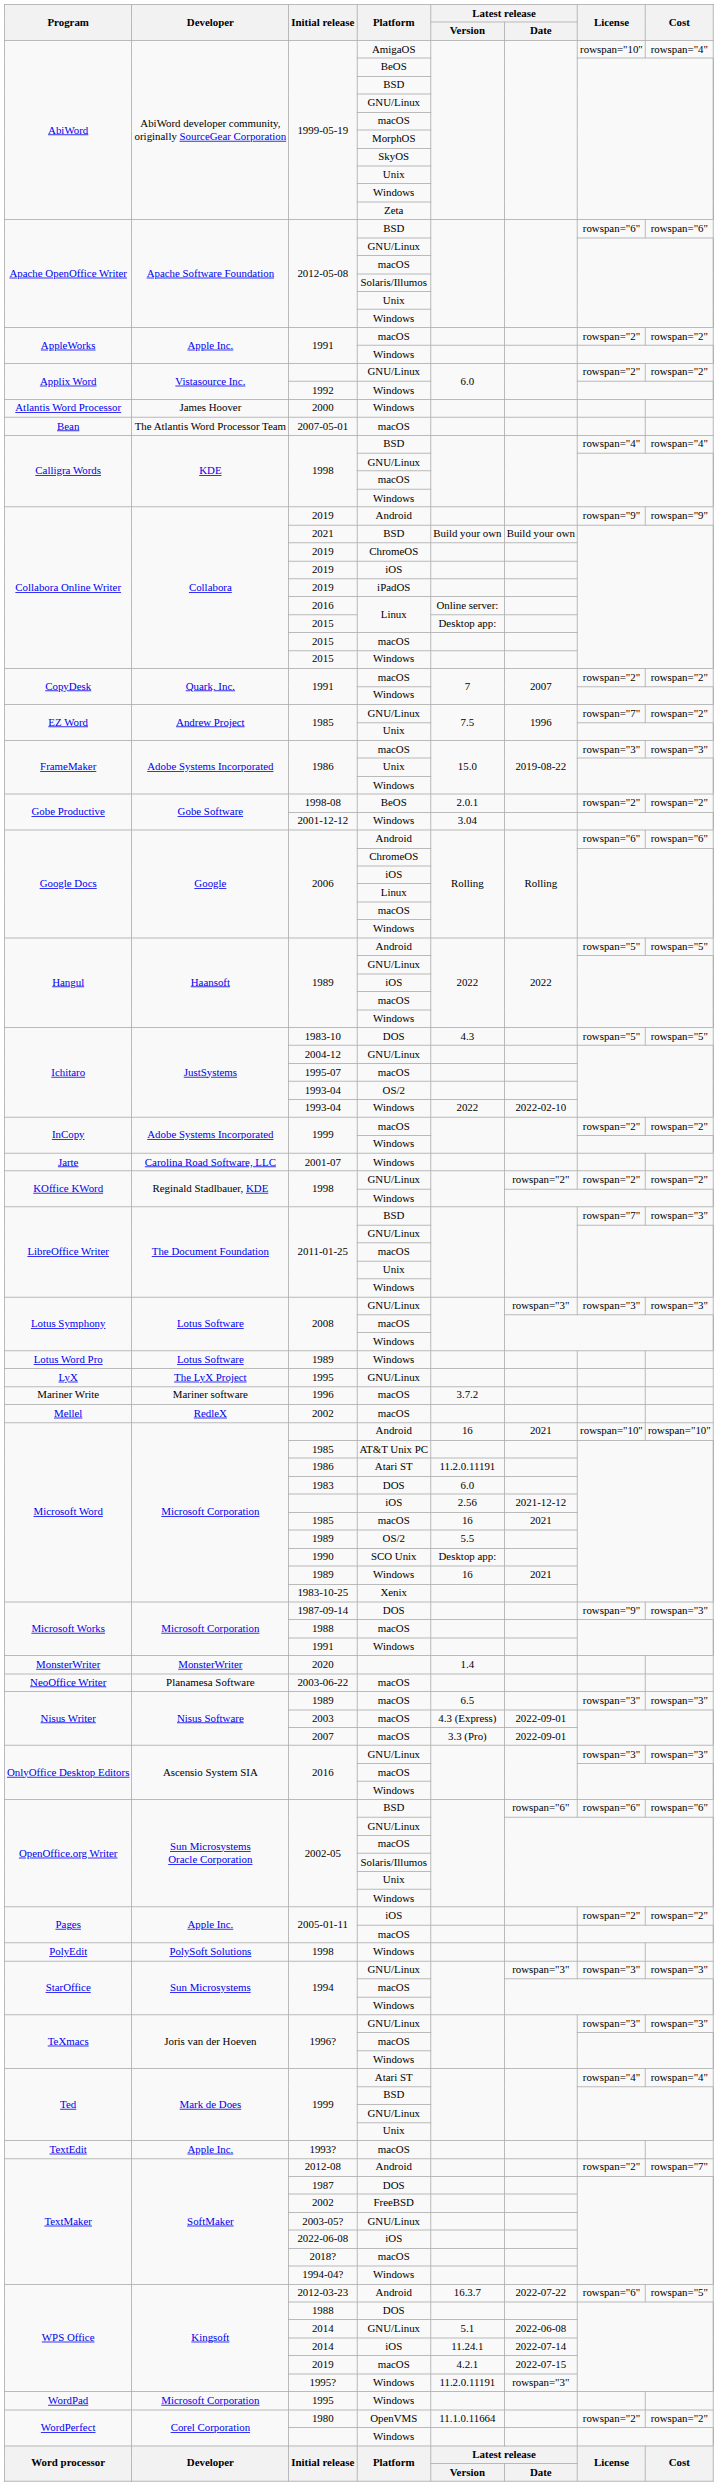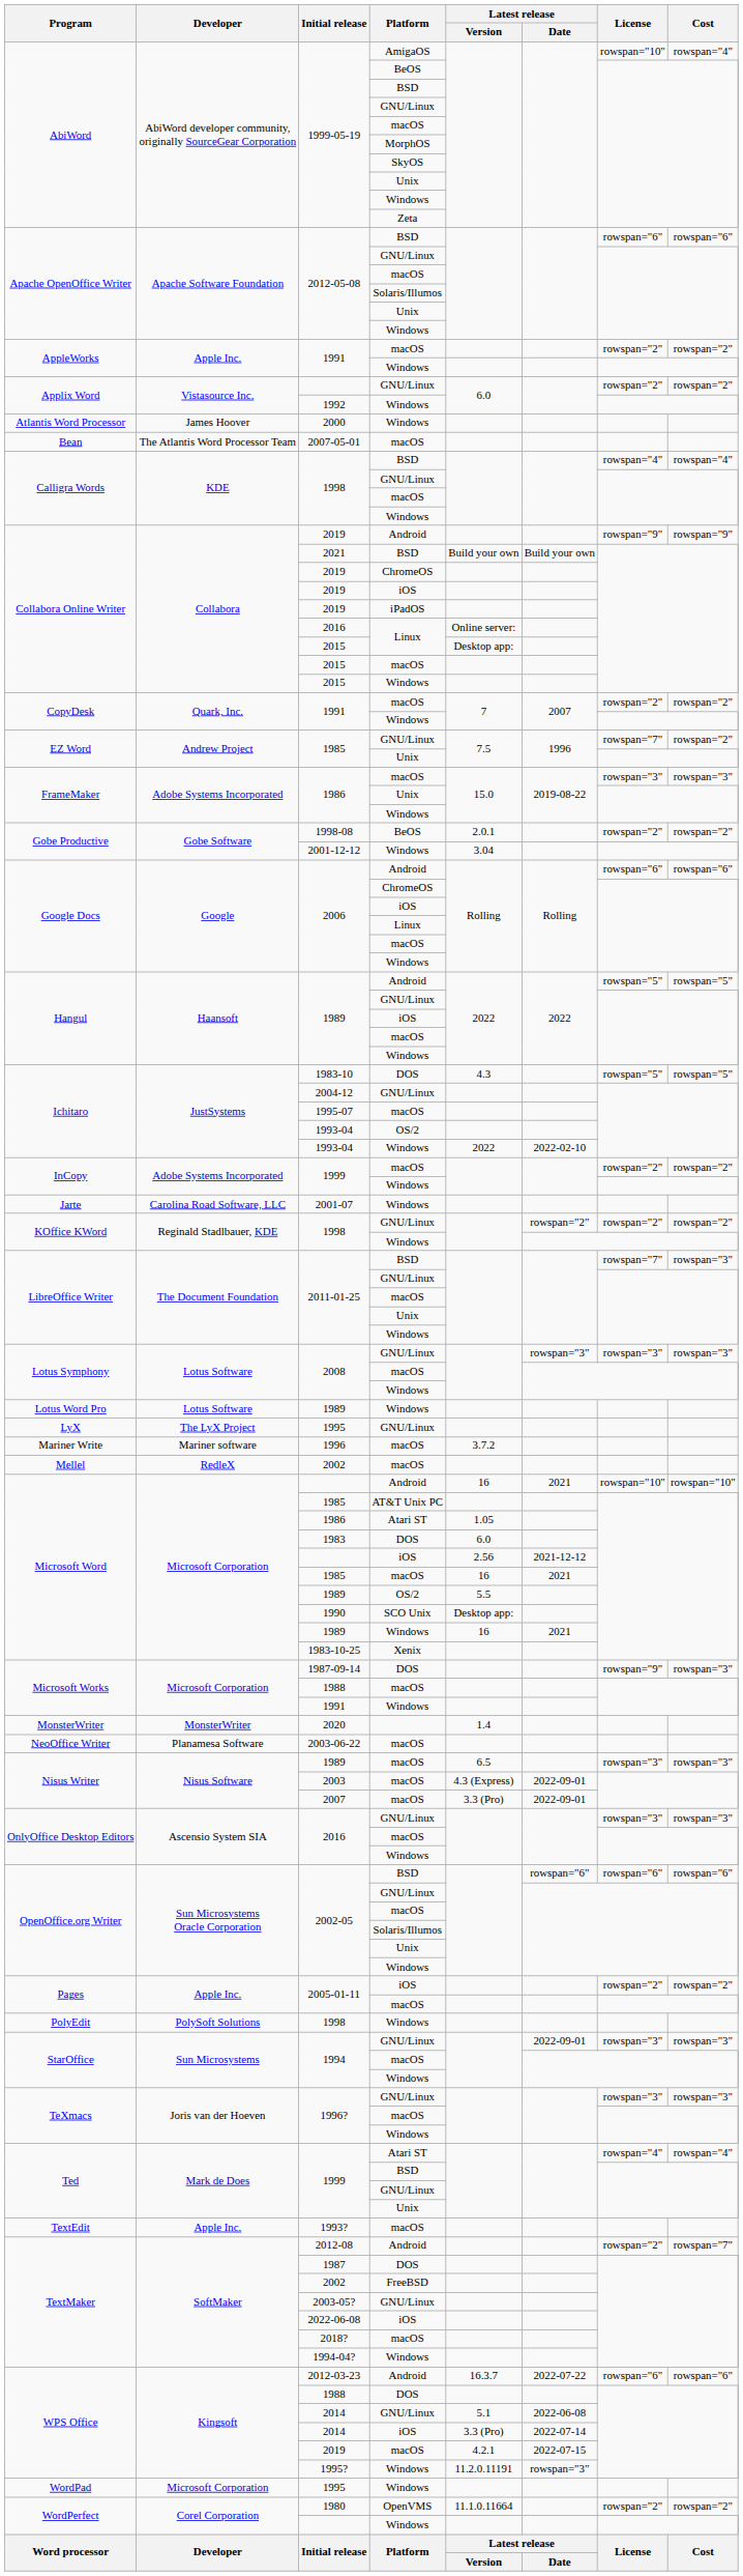 <table class="sortable wikitable" style="font-size: 85%; border: gray solid 1px; border-collapse: collapse; text-align: center; width: auto;">
 <tr>
 <th rowspan="2">Program</th>
 <th rowspan="2">Developer</th>
 <th rowspan="2">Initial release</th>
 <th rowspan="2">Platform</th>
 <th colspan="2">Latest release</th>
 <th rowspan="2">License</th>
 <th rowspan="2">Cost</th>
 </tr>
 <tr>
 <th>Version </th>
 <th>Date </th>
 </tr>
 <tr>
 <td rowspan="10"><a href='#'>AbiWord</a></td>
 <td rowspan="10">AbiWord developer community,<br>originally <a href='#'>SourceGear Corporation</a></td>
 <td rowspan="10">1999-05-19</td>
 <td>AmigaOS</td>
 <td rowspan="10"></td>
 <td rowspan="10"></td>
 <td>rowspan="10" </td>
 <td>rowspan="4" </td>
 </tr>
 <tr>
 <td>BeOS</td>
 </tr>
 <tr>
 <td>BSD</td>
 </tr>
 <tr>
 <td>GNU/Linux</td>
 </tr>
 <tr>
 <td>macOS</td>
 </tr>
 <tr>
 <td>MorphOS</td>
 </tr>
 <tr>
 <td>SkyOS</td>
 </tr>
 <tr>
 <td>Unix</td>
 </tr>
 <tr>
 <td>Windows</td>
 </tr>
 <tr>
 <td>Zeta</td>
 </tr>
 <tr>
 <td rowspan="6"><a href='#'>Apache OpenOffice Writer</a></td>
 <td rowspan="6"><a href='#'>Apache Software Foundation</a></td>
 <td rowspan="6">2012-05-08</td>
 <td>BSD</td>
 <td rowspan="6"></td>
 <td rowspan="6"></td>
 <td>rowspan="6" </td>
 <td>rowspan="6" </td>
 </tr>
 <tr>
 <td>GNU/Linux</td>
 </tr>
 <tr>
 <td>macOS</td>
 </tr>
 <tr>
 <td>Solaris/Illumos</td>
 </tr>
 <tr>
 <td>Unix</td>
 </tr>
 <tr>
 <td>Windows</td>
 </tr>
 <tr>
 <td rowspan="2"><a href='#'>AppleWorks</a></td>
 <td rowspan="2"><a href='#'>Apple Inc.</a></td>
 <td rowspan="2">1991</td>
 <td>macOS</td>
 <td></td>
 <td></td>
 <td>rowspan="2" </td>
 <td>rowspan="2" </td>
 </tr>
 <tr>
 <td>Windows</td>
 <td></td>
 <td></td>
 </tr>
 <tr>
 <td rowspan="2"><a href='#'>Applix Word</a></td>
 <td rowspan="2"><a href='#'>Vistasource Inc.</a></td>
 <td></td>
 <td>GNU/Linux</td>
 <td rowspan="2">6.0</td>
 <td rowspan="2"></td>
 <td>rowspan="2" </td>
 <td>rowspan="2" </td>
 </tr>
 <tr>
 <td>1992</td>
 <td>Windows</td>
 </tr>
 <tr>
 <td><a href='#'>Atlantis Word Processor</a></td>
 <td>James Hoover</td>
 <td>2000</td>
 <td>Windows</td>
 <td></td>
 <td></td>
 <td></td>
 <td></td>
 </tr>
 <tr>
 <td><a href='#'>Bean</a></td>
 <td>The Atlantis Word Processor Team</td>
 <td>2007-05-01</td>
 <td>macOS</td>
 <td></td>
 <td></td>
 <td></td>
 <td></td>
 </tr>
 <tr>
 <td rowspan="4"><a href='#'>Calligra Words</a></td>
 <td rowspan="4"><a href='#'>KDE</a></td>
 <td rowspan="4">1998</td>
 <td>BSD</td>
 <td rowspan="4"></td>
 <td rowspan="4"></td>
 <td>rowspan="4" </td>
 <td>rowspan="4" </td>
 </tr>
 <tr>
 <td>GNU/Linux</td>
 </tr>
 <tr>
 <td>macOS</td>
 </tr>
 <tr>
 <td>Windows</td>
 </tr>
 <tr>
 <td rowspan="9"><a href='#'>Collabora Online Writer</a></td>
 <td rowspan="9"><a href='#'>Collabora</a></td>
 <td>2019</td>
 <td>Android</td>
 <td></td>
 <td></td>
 <td>rowspan="9" </td>
 <td>rowspan="9" </td>
 </tr>
 <tr>
 <td>2021</td>
 <td>BSD</td>
 <td>Build your own</td>
 <td>Build your own</td>
 </tr>
 <tr>
 <td>2019</td>
 <td>ChromeOS</td>
 <td></td>
 <td></td>
 </tr>
 <tr>
 <td>2019</td>
 <td>iOS</td>
 <td></td>
 <td></td>
 </tr>
 <tr>
 <td>2019</td>
 <td>iPadOS</td>
 <td></td>
 <td></td>
 </tr>
 <tr>
 <td>2016</td>
 <td rowspan="2">Linux</td>
 <td>Online server: </td>
 <td></td>
 </tr>
 <tr>
 <td>2015</td>
 <td>Desktop app: </td>
 <td></td>
 </tr>
 <tr>
 <td>2015</td>
 <td>macOS</td>
 <td></td>
 <td></td>
 </tr>
 <tr>
 <td>2015</td>
 <td>Windows</td>
 <td></td>
 <td></td>
 </tr>
 <tr>
 <td rowspan="2"><a href='#'>CopyDesk</a></td>
 <td rowspan="2"><a href='#'>Quark, Inc.</a></td>
 <td rowspan="2">1991</td>
 <td>macOS</td>
 <td rowspan="2">7</td>
 <td rowspan="2">2007</td>
 <td>rowspan="2" </td>
 <td>rowspan="2" </td>
 </tr>
 <tr>
 <td>Windows</td>
 </tr>
 <tr>
 <td rowspan="2"><a href='#'>EZ Word</a></td>
 <td rowspan="2"><a href='#'>Andrew Project</a></td>
 <td rowspan="2">1985</td>
 <td>GNU/Linux</td>
 <td rowspan="2">7.5</td>
 <td rowspan="2">1996</td>
 <td>rowspan="7" </td>
 <td>rowspan="2" </td>
 </tr>
 <tr>
 <td>Unix</td>
 </tr>
 <tr>
 <td rowspan="3"><a href='#'>FrameMaker</a></td>
 <td rowspan="3"><a href='#'>Adobe Systems Incorporated</a></td>
 <td rowspan="3">1986</td>
 <td>macOS</td>
 <td rowspan="3">15.0</td>
 <td rowspan="3">2019-08-22</td>
 <td>rowspan="3" </td>
 <td>rowspan="3" </td>
 </tr>
 <tr>
 <td>Unix</td>
 </tr>
 <tr>
 <td>Windows</td>
 </tr>
 <tr>
 <td rowspan="2"><a href='#'>Gobe Productive</a></td>
 <td rowspan="2"><a href='#'>Gobe Software</a></td>
 <td>1998-08</td>
 <td>BeOS</td>
 <td>2.0.1</td>
 <td></td>
 <td>rowspan="2" </td>
 <td>rowspan="2" </td>
 </tr>
 <tr>
 <td>2001-12-12</td>
 <td>Windows</td>
 <td>3.04</td>
 <td></td>
 </tr>
 <tr>
 <td rowspan="6"><a href='#'>Google Docs</a></td>
 <td rowspan="6"><a href='#'>Google</a></td>
 <td rowspan="6">2006</td>
 <td>Android</td>
 <td rowspan="6">Rolling</td>
 <td rowspan="6">Rolling</td>
 <td>rowspan="6" </td>
 <td>rowspan="6" </td>
 </tr>
 <tr>
 <td>ChromeOS</td>
 </tr>
 <tr>
 <td>iOS</td>
 </tr>
 <tr>
 <td>Linux</td>
 </tr>
 <tr>
 <td>macOS</td>
 </tr>
 <tr>
 <td>Windows</td>
 </tr>
 <tr>
 <td rowspan="5"><a href='#'>Hangul</a></td>
 <td rowspan="5"><a href='#'>Haansoft</a></td>
 <td rowspan="5">1989</td>
 <td>Android</td>
 <td rowspan="5">2022</td>
 <td rowspan="5">2022</td>
 <td>rowspan="5" </td>
 <td>rowspan="5" </td>
 </tr>
 <tr>
 <td>GNU/Linux</td>
 </tr>
 <tr>
 <td>iOS</td>
 </tr>
 <tr>
 <td>macOS</td>
 </tr>
 <tr>
 <td>Windows</td>
 </tr>
 <tr>
 <td rowspan="5"><a href='#'>Ichitaro</a></td>
 <td rowspan="5"><a href='#'>JustSystems</a></td>
 <td>1983-10</td>
 <td>DOS</td>
 <td>4.3</td>
 <td></td>
 <td>rowspan="5" </td>
 <td>rowspan="5" </td>
 </tr>
 <tr>
 <td>2004-12</td>
 <td>GNU/Linux</td>
 <td></td>
 <td></td>
 </tr>
 <tr>
 <td>1995-07</td>
 <td>macOS</td>
 <td></td>
 <td></td>
 </tr>
 <tr>
 <td>1993-04</td>
 <td>OS/2</td>
 <td></td>
 <td></td>
 </tr>
 <tr>
 <td>1993-04</td>
 <td>Windows</td>
 <td>2022</td>
 <td>2022-02-10</td>
 </tr>
 <tr>
 <td rowspan="2"><a href='#'>InCopy</a></td>
 <td rowspan="2"><a href='#'>Adobe Systems Incorporated</a></td>
 <td rowspan="2">1999</td>
 <td>macOS</td>
 <td rowspan="2"></td>
 <td rowspan="2"></td>
 <td>rowspan="2" </td>
 <td>rowspan="2" </td>
 </tr>
 <tr>
 <td>Windows</td>
 </tr>
 <tr>
 <td><a href='#'>Jarte</a></td>
 <td><a href='#'>Carolina Road Software, LLC</a></td>
 <td>2001-07</td>
 <td>Windows</td>
 <td></td>
 <td></td>
 <td></td>
 <td></td>
 </tr>
 <tr>
 <td rowspan="2"><a href='#'>KOffice KWord</a></td>
 <td rowspan="2">Reginald Stadlbauer, <a href='#'>KDE</a></td>
 <td rowspan="2">1998</td>
 <td>GNU/Linux</td>
 <td rowspan="2"></td>
 <td>rowspan="2" </td>
 <td>rowspan="2" </td>
 <td>rowspan="2" </td>
 </tr>
 <tr>
 <td>Windows</td>
 </tr>
 <tr>
 <td rowspan="5"><a href='#'>LibreOffice Writer</a></td>
 <td rowspan="5"><a href='#'>The Document Foundation</a></td>
 <td rowspan="5">2011-01-25</td>
 <td>BSD</td>
 <td rowspan="5"></td>
 <td rowspan="5"></td>
 <td>rowspan="7" </td>
 <td>rowspan="3" </td>
 </tr>
 <tr>
 <td>GNU/Linux</td>
 </tr>
 <tr>
 <td>macOS</td>
 </tr>
 <tr>
 <td>Unix</td>
 </tr>
 <tr>
 <td>Windows</td>
 </tr>
 <tr>
 <td rowspan="3"><a href='#'>Lotus Symphony</a></td>
 <td rowspan="3"><a href='#'>Lotus Software</a></td>
 <td rowspan="3">2008</td>
 <td>GNU/Linux</td>
 <td rowspan="3"></td>
 <td>rowspan="3" </td>
 <td>rowspan="3" </td>
 <td>rowspan="3" </td>
 </tr>
 <tr>
 <td>macOS</td>
 </tr>
 <tr>
 <td>Windows</td>
 </tr>
 <tr>
 <td><a href='#'>Lotus Word Pro</a></td>
 <td><a href='#'>Lotus Software</a></td>
 <td>1989</td>
 <td>Windows</td>
 <td></td>
 <td></td>
 <td></td>
 <td></td>
 </tr>
 <tr>
 <td><a href='#'>LyX</a></td>
 <td><a href='#'>The LyX Project</a></td>
 <td>1995</td>
 <td>GNU/Linux</td>
 <td></td>
 <td></td>
 <td></td>
 <td></td>
 </tr>
 <tr>
 <td>Mariner Write</td>
 <td>Mariner software</td>
 <td>1996</td>
 <td>macOS</td>
 <td>3.7.2</td>
 <td></td>
 <td></td>
 <td></td>
 </tr>
 <tr>
 <td><a href='#'>Mellel</a></td>
 <td><a href='#'>RedleX</a></td>
 <td>2002</td>
 <td>macOS</td>
 <td></td>
 <td></td>
 <td></td>
 <td></td>
 </tr>
 <tr>
 <td rowspan="10"><a href='#'>Microsoft Word</a></td>
 <td rowspan="10"><a href='#'>Microsoft Corporation</a></td>
 <td></td>
 <td>Android</td>
 <td>16</td>
 <td>2021</td>
 <td>rowspan="10" </td>
 <td>rowspan="10" </td>
 </tr>
 <tr>
 <td>1985</td>
 <td>AT&T Unix PC</td>
 <td></td>
 <td></td>
 </tr>
 <tr>
 <td>1986</td>
 <td>Atari ST</td>
-<td>11.2.0.11191</td>
+<td>1.05</td>
 <td></td>
 </tr>
 <tr>
 <td>1983</td>
 <td>DOS</td>
 <td>6.0</td>
 <td></td>
 </tr>
 <tr>
 <td></td>
 <td>iOS</td>
 <td>2.56</td>
 <td>2021-12-12</td>
 </tr>
 <tr>
 <td>1985</td>
 <td>macOS</td>
 <td>16</td>
 <td>2021</td>
 </tr>
 <tr>
 <td>1989</td>
 <td>OS/2</td>
 <td>5.5</td>
 <td></td>
 </tr>
 <tr>
 <td>1990</td>
 <td>SCO Unix</td>
 <td>Desktop app: </td>
 <td></td>
 </tr>
 <tr>
 <td>1989</td>
 <td>Windows</td>
 <td>16</td>
 <td>2021</td>
 </tr>
 <tr>
 <td>1983-10-25</td>
 <td>Xenix</td>
 <td></td>
 <td></td>
 </tr>
 <tr>
 <td rowspan="3"><a href='#'>Microsoft Works</a></td>
 <td rowspan="3"><a href='#'>Microsoft Corporation</a></td>
 <td>1987-09-14</td>
 <td>DOS</td>
 <td></td>
 <td></td>
 <td>rowspan="9" </td>
 <td>rowspan="3" </td>
 </tr>
 <tr>
 <td>1988</td>
 <td>macOS</td>
 <td></td>
 <td></td>
 </tr>
 <tr>
 <td>1991</td>
 <td>Windows</td>
 <td></td>
 <td></td>
 </tr>
 <tr>
 <td><a href='#'>MonsterWriter</a></td>
 <td><a href='#'>MonsterWriter</a></td>
 <td>2020</td>
 <td></td>
 <td>1.4</td>
 <td></td>
 <td></td>
 <td></td>
 </tr>
 <tr>
 <td><a href='#'>NeoOffice Writer</a></td>
 <td>Planamesa Software</td>
 <td>2003-06-22</td>
 <td>macOS</td>
 <td></td>
 <td></td>
 <td></td>
 <td></td>
 </tr>
 <tr>
 <td rowspan="3"><a href='#'>Nisus Writer</a></td>
 <td rowspan="3"><a href='#'>Nisus Software</a></td>
 <td>1989</td>
 <td>macOS</td>
 <td>6.5</td>
 <td></td>
 <td>rowspan="3" </td>
 <td>rowspan="3" </td>
 </tr>
 <tr>
 <td>2003</td>
 <td>macOS</td>
 <td>4.3 (Express)</td>
 <td>2022-09-01</td>
 </tr>
 <tr>
 <td>2007</td>
 <td>macOS</td>
 <td>3.3 (Pro)</td>
 <td>2022-09-01</td>
 </tr>
 <tr>
 <td rowspan="3"><a href='#'>OnlyOffice Desktop Editors</a></td>
 <td rowspan="3">Ascensio System SIA</td>
 <td rowspan="3">2016</td>
 <td>GNU/Linux</td>
 <td rowspan="3"></td>
 <td rowspan="3"></td>
 <td>rowspan="3" </td>
 <td>rowspan="3" </td>
 </tr>
 <tr>
 <td>macOS</td>
 </tr>
 <tr>
 <td>Windows</td>
 </tr>
 <tr>
 <td rowspan="6"><a href='#'>OpenOffice.org Writer</a></td>
 <td rowspan="6"><a href='#'>Sun Microsystems</a><br><a href='#'>Oracle Corporation</a></td>
 <td rowspan="6">2002-05</td>
 <td>BSD</td>
 <td rowspan="6"></td>
 <td>rowspan="6" </td>
 <td>rowspan="6" </td>
 <td>rowspan="6" </td>
 </tr>
 <tr>
 <td>GNU/Linux</td>
 </tr>
 <tr>
 <td>macOS</td>
 </tr>
 <tr>
 <td>Solaris/Illumos</td>
 </tr>
 <tr>
 <td>Unix</td>
 </tr>
 <tr>
 <td>Windows</td>
 </tr>
 <tr>
 <td rowspan="2"><a href='#'>Pages</a></td>
 <td rowspan="2"><a href='#'>Apple Inc.</a></td>
 <td rowspan="2">2005-01-11</td>
 <td>iOS</td>
 <td></td>
 <td></td>
 <td>rowspan="2" </td>
 <td>rowspan="2" </td>
 </tr>
 <tr>
 <td>macOS</td>
 <td></td>
 <td></td>
 </tr>
 <tr>
 <td><a href='#'>PolyEdit</a></td>
 <td><a href='#'>PolySoft Solutions</a></td>
 <td>1998</td>
 <td>Windows</td>
 <td></td>
 <td></td>
 <td></td>
 <td></td>
 </tr>
 <tr>
 <td rowspan="3"><a href='#'>StarOffice</a></td>
 <td rowspan="3"><a href='#'>Sun Microsystems</a></td>
 <td rowspan="3">1994</td>
 <td>GNU/Linux</td>
 <td rowspan="3"></td>
-<td>rowspan="3" </td>
+<td>2022-09-01</td>
 <td>rowspan="3" </td>
 <td>rowspan="3" </td>
 </tr>
 <tr>
 <td>macOS</td>
 </tr>
 <tr>
 <td>Windows</td>
 </tr>
 <tr>
 <td rowspan="3"><a href='#'>TeXmacs</a></td>
 <td rowspan="3">Joris van der Hoeven</td>
 <td rowspan="3">1996?</td>
 <td>GNU/Linux</td>
 <td rowspan="3"></td>
 <td rowspan="3"></td>
 <td>rowspan="3" </td>
 <td>rowspan="3" </td>
 </tr>
 <tr>
 <td>macOS</td>
 </tr>
 <tr>
 <td>Windows</td>
 </tr>
 <tr>
 <td rowspan="4"><a href='#'>Ted</a></td>
 <td rowspan="4"><a href='#'>Mark de Does</a></td>
 <td rowspan="4">1999</td>
 <td>Atari ST</td>
 <td rowspan="4"></td>
 <td rowspan="4"></td>
 <td>rowspan="4" </td>
 <td>rowspan="4" </td>
 </tr>
 <tr>
 <td>BSD</td>
 </tr>
 <tr>
 <td>GNU/Linux</td>
 </tr>
 <tr>
 <td>Unix</td>
 </tr>
 <tr>
 <td><a href='#'>TextEdit</a></td>
 <td><a href='#'>Apple Inc.</a></td>
 <td>1993?</td>
 <td>macOS</td>
 <td></td>
 <td></td>
 <td></td>
 <td></td>
 </tr>
 <tr>
 <td rowspan="7"><a href='#'>TextMaker</a></td>
 <td rowspan="7"><a href='#'>SoftMaker</a></td>
 <td>2012-08</td>
 <td>Android</td>
 <td></td>
 <td></td>
 <td>rowspan="2" </td>
 <td>rowspan="7" </td>
 </tr>
 <tr>
 <td>1987</td>
 <td>DOS</td>
 <td></td>
 <td></td>
 </tr>
 <tr>
 <td>2002</td>
 <td>FreeBSD</td>
 <td></td>
 <td></td>
 </tr>
 <tr>
 <td>2003-05?</td>
 <td>GNU/Linux</td>
 <td></td>
 <td></td>
 </tr>
 <tr>
 <td>2022-06-08</td>
 <td>iOS</td>
 <td></td>
 <td></td>
 </tr>
 <tr>
 <td>2018?</td>
 <td>macOS</td>
 <td></td>
 <td></td>
 </tr>
 <tr>
 <td>1994-04?</td>
 <td>Windows</td>
 <td></td>
 <td></td>
 </tr>
 <tr>
 <td rowspan="6"><a href='#'>WPS Office</a></td>
 <td rowspan="6"><a href='#'>Kingsoft</a></td>
 <td>2012-03-23</td>
 <td>Android</td>
 <td>16.3.7</td>
 <td>2022-07-22</td>
 <td>rowspan="6" </td>
-<td>rowspan="5" </td>
+<td>rowspan="6" </td>
 </tr>
 <tr>
 <td>1988</td>
 <td>DOS</td>
 <td></td>
 <td></td>
 </tr>
 <tr>
 <td>2014</td>
 <td>GNU/Linux</td>
 <td>5.1</td>
 <td>2022-06-08</td>
 </tr>
 <tr>
 <td>2014</td>
 <td>iOS</td>
-<td>11.24.1</td>
+<td>3.3 (Pro)</td>
 <td>2022-07-14</td>
 </tr>
 <tr>
 <td>2019</td>
 <td>macOS</td>
 <td>4.2.1</td>
 <td>2022-07-15</td>
 </tr>
 <tr>
 <td>1995?</td>
 <td>Windows</td>
 <td>11.2.0.11191</td>
 <td>rowspan="3" </td>
 </tr>
 <tr>
 <td><a href='#'>WordPad</a></td>
 <td><a href='#'>Microsoft Corporation</a></td>
 <td>1995</td>
 <td>Windows</td>
 <td></td>
 <td></td>
 <td></td>
 <td></td>
 </tr>
 <tr>
 <td rowspan="2"><a href='#'>WordPerfect</a></td>
 <td rowspan="2"><a href='#'>Corel Corporation</a></td>
 <td>1980</td>
 <td>OpenVMS</td>
 <td>11.1.0.11664</td>
 <td></td>
 <td>rowspan="2" </td>
 <td>rowspan="2" </td>
 </tr>
 <tr>
 <td></td>
 <td>Windows</td>
 <td></td>
 <td></td>
 </tr>
 <tr class="sortbottom">
 <th rowspan="2">Word processor</th>
 <th rowspan="2">Developer</th>
 <th rowspan="2">Initial release</th>
 <th rowspan="2">Platform</th>
 <th colspan="2">Latest release</th>
 <th rowspan="2">License</th>
 <th rowspan="2">Cost</th>
 </tr>
 <tr>
 <th>Version </th>
 <th>Date </th>
 </tr>
 </table>
